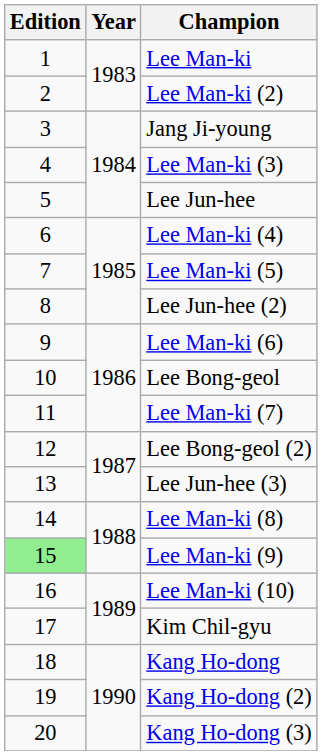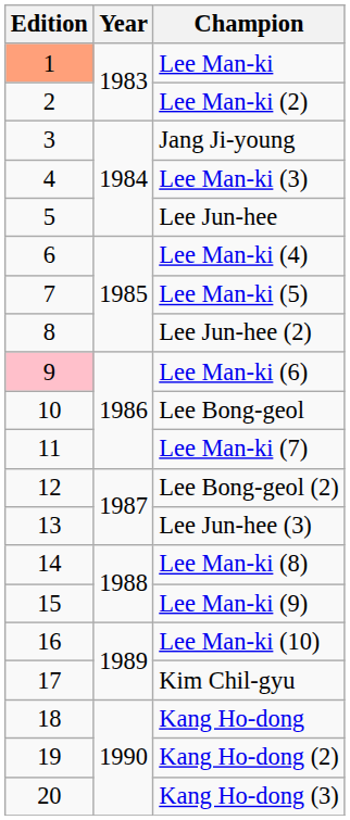 <table class="wikitable" style="text-align:center">
 <tr>
 <th>Edition</th>
 <th>Year</th>
 <th>Champion</th>
 </tr>
 <tr>
-<td>1</td>
+<td style="background: lightsalmon;">1</td>
 <td rowspan="2">1983</td>
 <td align="left"><a href='#'>Lee Man-ki</a></td>
 </tr>
 <tr>
 <td>2</td>
 <td align="left"><a href='#'>Lee Man-ki</a> (2)</td>
 </tr>
 <tr>
 <td>3</td>
 <td rowspan="3">1984</td>
 <td align="left">Jang Ji-young</td>
 </tr>
 <tr>
 <td>4</td>
 <td align="left"><a href='#'>Lee Man-ki</a> (3)</td>
 </tr>
 <tr>
 <td>5</td>
 <td align="left">Lee Jun-hee</td>
 </tr>
 <tr>
 <td>6</td>
 <td rowspan="3">1985</td>
 <td align="left"><a href='#'>Lee Man-ki</a> (4)</td>
 </tr>
 <tr>
 <td>7</td>
 <td align="left"><a href='#'>Lee Man-ki</a> (5)</td>
 </tr>
 <tr>
 <td>8</td>
 <td align="left">Lee Jun-hee (2)</td>
 </tr>
 <tr>
-<td>9</td>
+<td style="background: pink;">9</td>
 <td rowspan="3">1986</td>
 <td align="left"><a href='#'>Lee Man-ki</a> (6)</td>
 </tr>
 <tr>
 <td>10</td>
 <td align="left">Lee Bong-geol</td>
 </tr>
 <tr>
 <td>11</td>
 <td align="left"><a href='#'>Lee Man-ki</a> (7)</td>
 </tr>
 <tr>
 <td>12</td>
 <td rowspan="2">1987</td>
 <td align="left">Lee Bong-geol (2)</td>
 </tr>
 <tr>
 <td>13</td>
 <td align="left">Lee Jun-hee (3)</td>
 </tr>
 <tr>
 <td>14</td>
 <td rowspan="2">1988</td>
 <td align="left"><a href='#'>Lee Man-ki</a> (8)</td>
 </tr>
 <tr>
-<td style="background: lightgreen;">15</td>
+<td>15</td>
 <td align="left"><a href='#'>Lee Man-ki</a> (9)</td>
 </tr>
 <tr>
 <td>16</td>
 <td rowspan="2">1989</td>
 <td align="left"><a href='#'>Lee Man-ki</a> (10)</td>
 </tr>
 <tr>
 <td>17</td>
 <td align="left">Kim Chil-gyu</td>
 </tr>
 <tr>
 <td>18</td>
 <td rowspan="3">1990</td>
 <td align="left"><a href='#'>Kang Ho-dong</a></td>
 </tr>
 <tr>
 <td>19</td>
 <td align="left"><a href='#'>Kang Ho-dong</a> (2)</td>
 </tr>
 <tr>
 <td>20</td>
 <td align="left"><a href='#'>Kang Ho-dong</a> (3)</td>
 </tr>
 </table>
